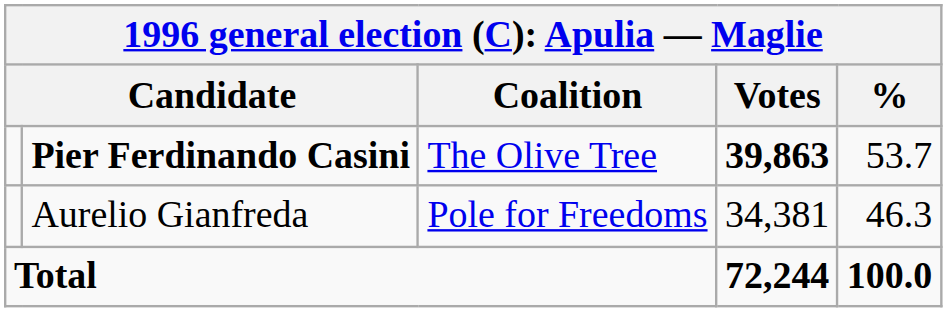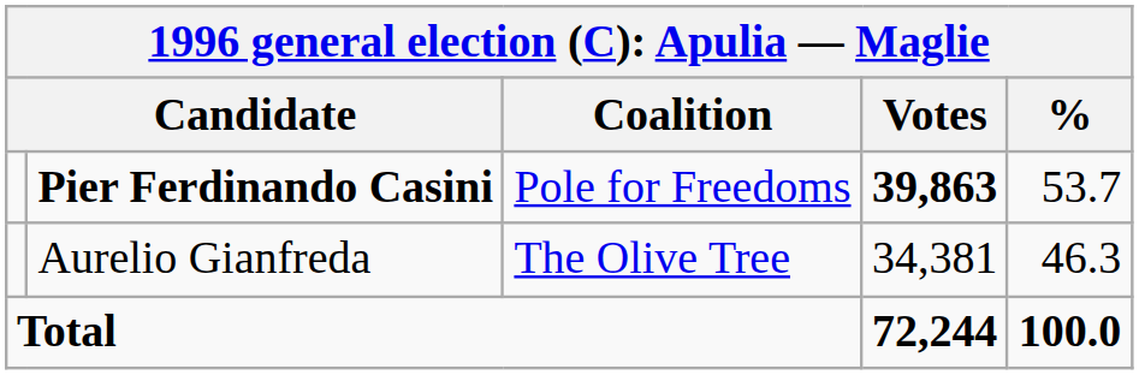 <table class=wikitable style=text-align:right>
 <tr>
 <th colspan=5><a href='#'>1996 general election</a> (<a href='#'>C</a>): <a href='#'>Apulia</a> — <a href='#'>Maglie</a></th>
 </tr>
 <tr>
 <th colspan=2>Candidate</th>
 <th>Coalition</th>
 <th>Votes</th>
 <th>%</th>
 </tr>
 <tr>
 <td></td>
 <td align=left><strong>Pier Ferdinando Casini</strong></td>
-<td align=left><a href='#'>The Olive Tree</a></td>
+<td align=left><a href='#'>Pole for Freedoms</a></td>
 <td><strong>39,863</strong></td>
 <td>53.7</td>
 </tr>
 <tr>
 <td></td>
 <td align=left>Aurelio Gianfreda</td>
-<td align=left><a href='#'>Pole for Freedoms</a></td>
+<td align=left><a href='#'>The Olive Tree</a></td>
 <td>34,381</td>
 <td>46.3</td>
 </tr>
 <tr>
 <td align=left colspan=3><strong>Total</strong></td>
 <td><strong>72,244</strong></td>
 <td><strong>100.0</strong></td>
 </tr>
 </table>
